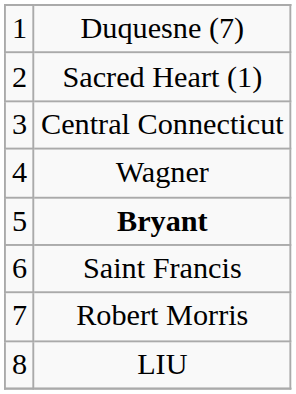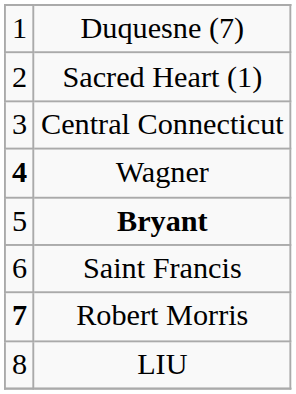 <table class="wikitable">
 <tr align="center">
 </tr>
 <tr align="center">
 <td>1</td>
 <td>Duquesne (7)</td>
 </tr>
 <tr align="center">
 <td>2</td>
 <td>Sacred Heart (1)</td>
 </tr>
 <tr align="center">
 <td>3</td>
 <td>Central Connecticut</td>
 </tr>
 <tr align="center">
-<td>4</td>
+<td><strong>4</strong></td>
 <td>Wagner</td>
 </tr>
 <tr align="center">
 <td>5</td>
 <td><strong>Bryant</strong></td>
 </tr>
 <tr align="center">
 <td>6</td>
 <td>Saint Francis</td>
 </tr>
 <tr align="center">
-<td>7</td>
+<td><strong>7</strong></td>
 <td>Robert Morris</td>
 </tr>
 <tr align="center">
 <td>8</td>
 <td>LIU</td>
 </tr>
 <tr>
 </tr>
 </table>
